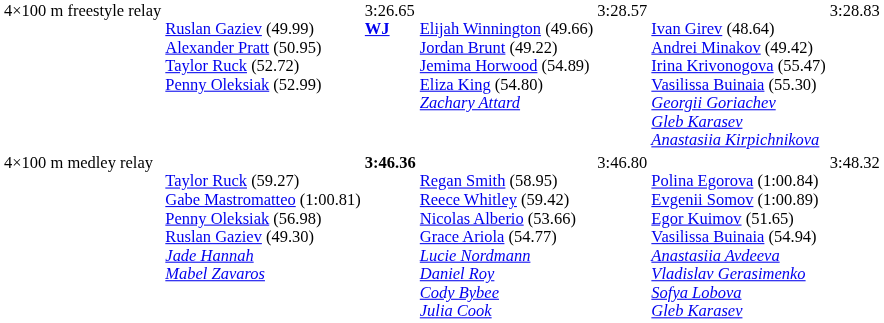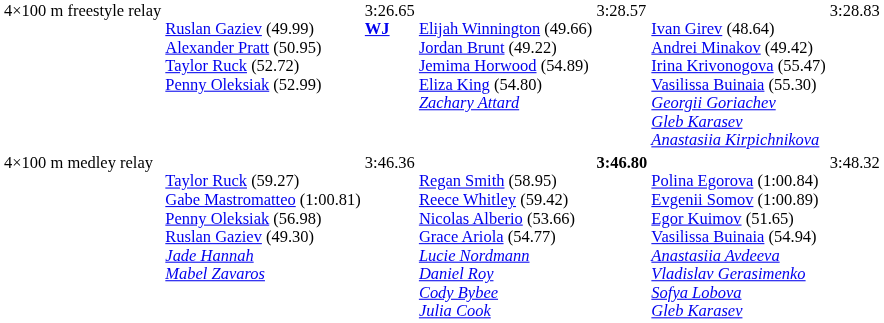 <table>
 <tr valign="top">
 <td>4×100 m freestyle relay</td>
 <td><br><a href='#'>Ruslan Gaziev</a> (49.99)<br><a href='#'>Alexander Pratt</a> (50.95)<br><a href='#'>Taylor Ruck</a> (52.72)<br><a href='#'>Penny Oleksiak</a> (52.99)</td>
 <td>3:26.65 <br><strong><a href='#'>WJ</a></strong></td>
 <td><br><a href='#'>Elijah Winnington</a> (49.66)<br><a href='#'>Jordan Brunt</a> (49.22)<br><a href='#'>Jemima Horwood</a> (54.89)<br><a href='#'>Eliza King</a> (54.80)<br><em><a href='#'>Zachary Attard</a></em></td>
 <td>3:28.57</td>
 <td><br><a href='#'>Ivan Girev</a> (48.64)<br><a href='#'>Andrei Minakov</a> (49.42)<br><a href='#'>Irina Krivonogova</a> (55.47)<br><a href='#'>Vasilissa Buinaia</a> (55.30)<br><em><a href='#'>Georgii Goriachev</a><br><a href='#'>Gleb Karasev</a><br><a href='#'>Anastasiia Kirpichnikova</a></em></td>
 <td>3:28.83</td>
 </tr>
 <tr valign="top">
 <td>4×100 m medley relay</td>
 <td><br><a href='#'>Taylor Ruck</a> (59.27)<br><a href='#'>Gabe Mastromatteo</a> (1:00.81)<br><a href='#'>Penny Oleksiak</a> (56.98)<br><a href='#'>Ruslan Gaziev</a> (49.30)<br><em><a href='#'>Jade Hannah</a><br><a href='#'>Mabel Zavaros</a></em></td>
-<td><strong>3:46.36</strong></td>
+<td>3:46.36</td>
 <td><br><a href='#'>Regan Smith</a> (58.95)<br><a href='#'>Reece Whitley</a> (59.42)<br><a href='#'>Nicolas Alberio</a> (53.66)<br><a href='#'>Grace Ariola</a> (54.77)<br><em><a href='#'>Lucie Nordmann</a><br><a href='#'>Daniel Roy</a><br><a href='#'>Cody Bybee</a><br><a href='#'>Julia Cook</a></em></td>
-<td>3:46.80</td>
+<td><strong>3:46.80</strong></td>
 <td><br><a href='#'>Polina Egorova</a> (1:00.84)<br><a href='#'>Evgenii Somov</a> (1:00.89)<br><a href='#'>Egor Kuimov</a> (51.65)<br><a href='#'>Vasilissa Buinaia</a> (54.94)<br><em><a href='#'>Anastasiia Avdeeva</a><br><a href='#'>Vladislav Gerasimenko</a><br><a href='#'>Sofya Lobova</a><br><a href='#'>Gleb Karasev</a></em></td>
 <td>3:48.32</td>
 </tr>
 </table>
